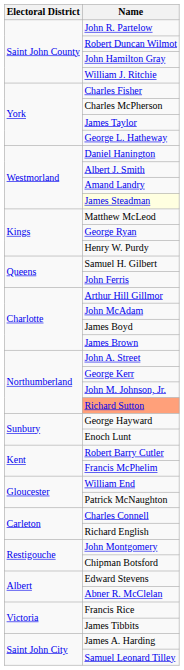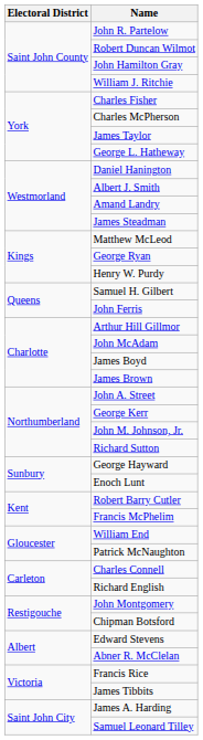 <table class="wikitable">
 <tr>
 <th>Electoral District</th>
 <th>Name</th>
 </tr>
 <tr>
 <td rowspan="4"><a href='#'>Saint John County</a></td>
 <td><a href='#'>John R. Partelow</a></td>
 </tr>
 <tr>
 <td><a href='#'>Robert Duncan Wilmot</a></td>
 </tr>
 <tr>
 <td><a href='#'>John Hamilton Gray</a></td>
 </tr>
 <tr>
 <td><a href='#'>William J. Ritchie</a></td>
 </tr>
 <tr>
 <td rowspan="4"><a href='#'>York</a></td>
 <td><a href='#'>Charles Fisher</a></td>
 </tr>
 <tr>
 <td>Charles McPherson</td>
 </tr>
 <tr>
 <td><a href='#'>James Taylor</a></td>
 </tr>
 <tr>
 <td><a href='#'>George L. Hatheway</a></td>
 </tr>
 <tr>
 <td rowspan="4"><a href='#'>Westmorland</a></td>
 <td><a href='#'>Daniel Hanington</a></td>
 </tr>
 <tr>
 <td><a href='#'>Albert J. Smith</a></td>
 </tr>
 <tr>
 <td><a href='#'>Amand Landry</a></td>
 </tr>
 <tr>
-<td style="background: lightyellow;"><a href='#'>James Steadman</a></td>
+<td><a href='#'>James Steadman</a></td>
 </tr>
 <tr>
 <td rowspan="3"><a href='#'>Kings</a></td>
 <td>Matthew McLeod</td>
 </tr>
 <tr>
 <td><a href='#'>George Ryan</a></td>
 </tr>
 <tr>
 <td>Henry W. Purdy</td>
 </tr>
 <tr>
 <td rowspan="2"><a href='#'>Queens</a></td>
 <td>Samuel H. Gilbert</td>
 </tr>
 <tr>
 <td><a href='#'>John Ferris</a></td>
 </tr>
 <tr>
 <td rowspan="4"><a href='#'>Charlotte</a></td>
 <td><a href='#'>Arthur Hill Gillmor</a></td>
 </tr>
 <tr>
 <td><a href='#'>John McAdam</a></td>
 </tr>
 <tr>
 <td>James Boyd</td>
 </tr>
 <tr>
 <td><a href='#'>James Brown</a></td>
 </tr>
 <tr>
 <td rowspan="4"><a href='#'>Northumberland</a></td>
 <td><a href='#'>John A. Street</a></td>
 </tr>
 <tr>
 <td><a href='#'>George Kerr</a></td>
 </tr>
 <tr>
 <td><a href='#'>John M. Johnson, Jr.</a></td>
 </tr>
 <tr>
-<td style="background: lightsalmon;"><a href='#'>Richard Sutton</a></td>
+<td><a href='#'>Richard Sutton</a></td>
 </tr>
 <tr>
 <td rowspan="2"><a href='#'>Sunbury</a></td>
 <td>George Hayward</td>
 </tr>
 <tr>
 <td>Enoch Lunt</td>
 </tr>
 <tr>
 <td rowspan="2"><a href='#'>Kent</a></td>
 <td><a href='#'>Robert Barry Cutler</a></td>
 </tr>
 <tr>
 <td><a href='#'>Francis McPhelim</a></td>
 </tr>
 <tr>
 <td rowspan="2"><a href='#'>Gloucester</a></td>
 <td><a href='#'>William End</a></td>
 </tr>
 <tr>
 <td>Patrick McNaughton</td>
 </tr>
 <tr>
 <td rowspan="2"><a href='#'>Carleton</a></td>
 <td><a href='#'>Charles Connell</a></td>
 </tr>
 <tr>
 <td>Richard English</td>
 </tr>
 <tr>
 <td rowspan="2"><a href='#'>Restigouche</a></td>
 <td><a href='#'>John Montgomery</a></td>
 </tr>
 <tr>
 <td>Chipman Botsford</td>
 </tr>
 <tr>
 <td rowspan="2"><a href='#'>Albert</a></td>
 <td>Edward Stevens</td>
 </tr>
 <tr>
 <td><a href='#'>Abner R. McClelan</a></td>
 </tr>
 <tr>
 <td rowspan="2"><a href='#'>Victoria</a></td>
 <td>Francis Rice</td>
 </tr>
 <tr>
 <td>James Tibbits</td>
 </tr>
 <tr>
 <td rowspan="2"><a href='#'>Saint John City</a></td>
 <td>James A. Harding</td>
 </tr>
 <tr>
 <td><a href='#'>Samuel Leonard Tilley</a></td>
 </tr>
 </table>
